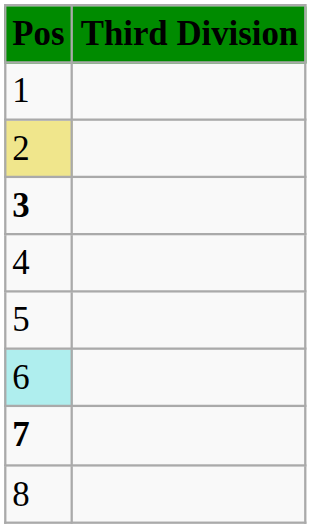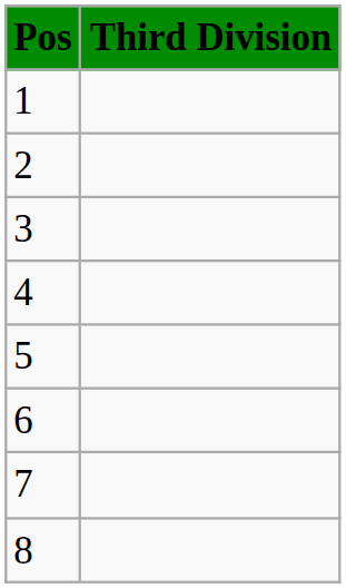 <table class="wikitable" style="margin:0.5em auto; font-size:95%">
 <tr style="background:#008b00;">
 <td><strong>Pos</strong></td>
 <td><strong>Third Division</strong></td>
 </tr>
 <tr>
 <td>1</td>
 <td></td>
 </tr>
 <tr>
-<td style="background: khaki;">2</td>
+<td>2</td>
 <td></td>
 </tr>
 <tr>
-<td><strong>3</strong></td>
+<td>3</td>
 <td></td>
 </tr>
 <tr>
 <td>4</td>
 <td></td>
 </tr>
 <tr>
 <td>5</td>
 <td></td>
 </tr>
 <tr>
-<td style="background: paleturquoise;">6</td>
+<td>6</td>
 <td></td>
 </tr>
 <tr>
-<td><strong>7</strong></td>
+<td>7</td>
 <td></td>
 </tr>
 <tr>
 <td>8</td>
 <td></td>
 </tr>
 </table>
